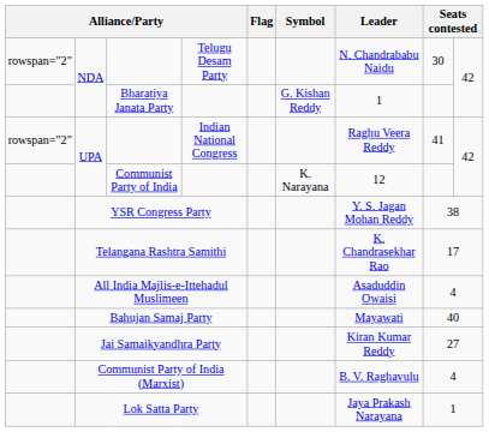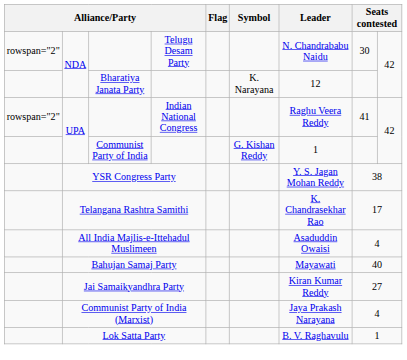 <table class="wikitable" width="50%" style="text-align:center;">
 <tr>
 <th colspan="4">Alliance/Party</th>
 <th>Flag</th>
 <th>Symbol</th>
 <th>Leader</th>
 <th colspan="2">Seats contested</th>
 </tr>
 <tr>
 <td>rowspan="2" </td>
 <td rowspan="2"><a href='#'>NDA</a></td>
 <td style="text-align:center; background:"></td>
 <td><a href='#'>Telugu Desam Party</a></td>
 <td></td>
 <td></td>
 <td><a href='#'>N. Chandrababu Naidu</a></td>
 <td>30</td>
 <td rowspan="2">42</td>
 </tr>
 <tr>
 <td style="text-align:center; background:"></td>
 <td><a href='#'>Bharatiya Janata Party</a></td>
 <td></td>
 <td></td>
-<td><a href='#'>G. Kishan Reddy</a></td>
-<td>1</td>
+<td>K. Narayana</td>
+<td>12</td>
 </tr>
 <tr>
 <td>rowspan="2" </td>
 <td rowspan="2"><a href='#'>UPA</a></td>
 <td style="text-align:center; background:"></td>
 <td><a href='#'>Indian National Congress</a></td>
 <td></td>
 <td></td>
 <td><a href='#'>Raghu Veera Reddy</a></td>
 <td>41</td>
 <td rowspan="2">42</td>
 </tr>
 <tr>
 <td style="text-align:center; background:"></td>
 <td><a href='#'>Communist Party of India</a></td>
 <td></td>
 <td></td>
-<td>K. Narayana</td>
-<td>12</td>
+<td><a href='#'>G. Kishan Reddy</a></td>
+<td>1</td>
 </tr>
 <tr>
 <td style="text-align:center; background:"></td>
 <td colspan="3"><a href='#'>YSR Congress Party</a></td>
 <td></td>
 <td></td>
 <td><a href='#'>Y. S. Jagan Mohan Reddy</a></td>
 <td colspan="3">38</td>
 </tr>
 <tr>
 <td style="text-align:center; background:"></td>
 <td colspan="3"><a href='#'>Telangana Rashtra Samithi</a></td>
 <td></td>
 <td></td>
 <td><a href='#'>K. Chandrasekhar Rao</a></td>
 <td colspan="3">17</td>
 </tr>
 <tr>
 <td style="text-align:center; background:"></td>
 <td colspan="3"><a href='#'>All India Majlis-e-Ittehadul Muslimeen</a></td>
 <td></td>
 <td></td>
 <td><a href='#'>Asaduddin Owaisi</a></td>
 <td colspan="3">4</td>
 </tr>
 <tr>
 <td></td>
 <td colspan="3"><a href='#'>Bahujan Samaj Party</a></td>
 <td></td>
 <td></td>
 <td><a href='#'>Mayawati</a></td>
 <td colspan=3>40</td>
 </tr>
 <tr>
 <td style="text-align:center; background:"></td>
 <td colspan="3"><a href='#'>Jai Samaikyandhra Party</a></td>
 <td></td>
 <td></td>
 <td><a href='#'>Kiran Kumar Reddy</a></td>
 <td colspan=3>27</td>
 </tr>
 <tr>
 <td style="text-align:center; background:"></td>
 <td colspan="3"><a href='#'>Communist Party of India (Marxist)</a></td>
 <td></td>
 <td></td>
-<td><a href='#'>B. V. Raghavulu</a></td>
+<td><a href='#'>Jaya Prakash Narayana</a></td>
 <td colspan=3>4</td>
 </tr>
 <tr>
 <td style="text-align:center; background:"></td>
 <td colspan=3><a href='#'>Lok Satta Party</a></td>
 <td></td>
 <td></td>
-<td><a href='#'>Jaya Prakash Narayana</a></td>
+<td><a href='#'>B. V. Raghavulu</a></td>
 <td colspan=3>1</td>
 </tr>
 </table>
